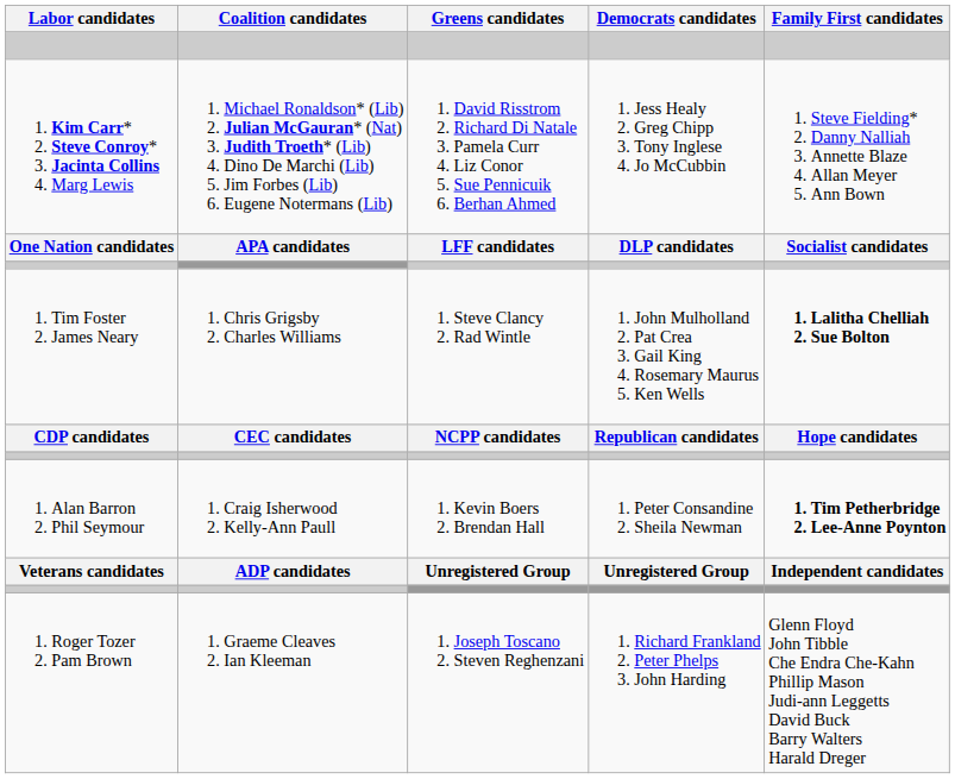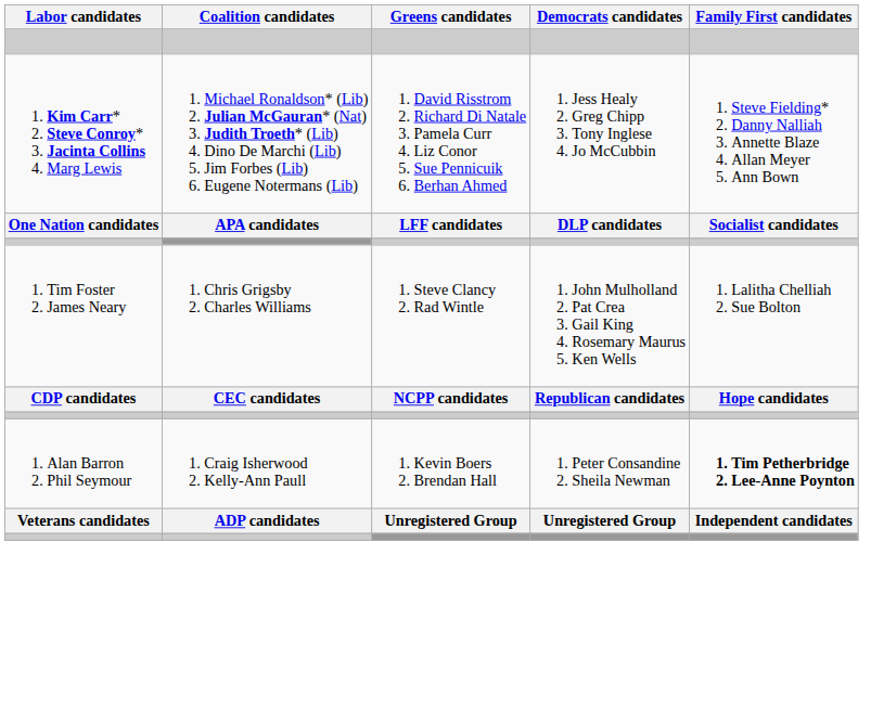 <table class="wikitable">
 <tr>
 <th><a href='#'>Labor</a> candidates</th>
 <th><a href='#'>Coalition</a> candidates</th>
 <th><a href='#'>Greens</a> candidates</th>
 <th><a href='#'>Democrats</a> candidates</th>
 <th><a href='#'>Family First</a> candidates</th>
 </tr>
 <tr style="background:#ccc;">
 <td></td>
 <td></td>
 <td></td>
 <td></td>
 <td> </td>
 </tr>
 <tr>
 <td><br><ol><li><strong><a href='#'>Kim Carr</a></strong>*</li><li><strong><a href='#'>Steve Conroy</a></strong>*</li><li><strong><a href='#'>Jacinta Collins</a></strong></li><li><a href='#'>Marg Lewis</a></li></ol></td>
 <td><br><ol><li><a href='#'>Michael Ronaldson</a>* (<a href='#'>Lib</a>)</li><li><strong><a href='#'>Julian McGauran</a></strong>* (<a href='#'>Nat</a>)</li><li><strong><a href='#'>Judith Troeth</a></strong>* (<a href='#'>Lib</a>)</li><li>Dino De Marchi (<a href='#'>Lib</a>)</li><li>Jim Forbes (<a href='#'>Lib</a>)</li><li>Eugene Notermans (<a href='#'>Lib</a>)</li></ol></td>
 <td valign=top><br><ol><li><a href='#'>David Risstrom</a></li><li><a href='#'>Richard Di Natale</a></li><li>Pamela Curr</li><li>Liz Conor</li><li><a href='#'>Sue Pennicuik</a></li><li><a href='#'>Berhan Ahmed</a></li></ol></td>
 <td valign=top><br><ol><li>Jess Healy</li><li>Greg Chipp</li><li>Tony Inglese</li><li>Jo McCubbin</li></ol></td>
 <td><br><ol><li><a href='#'>Steve Fielding</a>*</li><li><a href='#'>Danny Nalliah</a></li><li>Annette Blaze</li><li>Allan Meyer</li><li>Ann Bown</li></ol></td>
 </tr>
 <tr style="background:#ccc;">
 <th><a href='#'>One Nation</a> candidates</th>
 <th><a href='#'>APA</a> candidates</th>
 <th><a href='#'>LFF</a> candidates</th>
 <th><a href='#'>DLP</a> candidates</th>
 <th><a href='#'>Socialist</a> candidates</th>
 </tr>
 <tr style="background:#ccc;">
 <td></td>
 <td style="background:#999;"></td>
 <td></td>
 <td></td>
 <td></td>
 </tr>
 <tr>
 <td valign=top><br><ol><li>Tim Foster</li><li>James Neary</li></ol></td>
 <td valign=top><br><ol><li>Chris Grigsby</li><li>Charles Williams</li></ol></td>
 <td valign=top><br><ol><li>Steve Clancy</li><li>Rad Wintle</li></ol></td>
 <td valign=top><br><ol><li>John Mulholland</li><li>Pat Crea</li><li>Gail King</li><li>Rosemary Maurus</li><li>Ken Wells</li></ol></td>
-<td valign=top><strong><br><ol><li>Lalitha Chelliah</li><li>Sue Bolton</li></ol></strong></td>
+<td valign=top><br><ol><li>Lalitha Chelliah</li><li>Sue Bolton</li></ol></td>
 </tr>
 <tr style="background:#ccc;">
 <th><a href='#'>CDP</a> candidates</th>
 <th><a href='#'>CEC</a> candidates</th>
 <th><a href='#'>NCPP</a> candidates</th>
 <th><a href='#'>Republican</a> candidates</th>
 <th><a href='#'>Hope</a> candidates</th>
 </tr>
 <tr style="background:#ccc;">
 <td></td>
 <td></td>
 <td></td>
 <td></td>
 <td></td>
 </tr>
 <tr>
 <td valign=top><br><ol><li>Alan Barron</li><li>Phil Seymour</li></ol></td>
 <td valign=top><br><ol><li>Craig Isherwood</li><li>Kelly-Ann Paull</li></ol></td>
 <td valign=top><br><ol><li>Kevin Boers</li><li>Brendan Hall</li></ol></td>
 <td valign=top><br><ol><li>Peter Consandine</li><li>Sheila Newman</li></ol></td>
 <td valign=top><strong><br><ol><li>Tim Petherbridge</li><li>Lee-Anne Poynton</li></ol></strong></td>
 </tr>
 <tr style="background:#ccc;">
 <th>Veterans candidates</th>
 <th><a href='#'>ADP</a> candidates</th>
 <th>Unregistered Group</th>
 <th>Unregistered Group</th>
 <th>Independent candidates</th>
 </tr>
 <tr style="background:#ccc;">
 <td></td>
 <td></td>
 <td style="background:#999;"></td>
 <td style="background:#999;"></td>
 <td style="background:#999;"></td>
 </tr>
-<tr>
-<td valign=top><br><ol><li>Roger Tozer</li><li>Pam Brown</li></ol></td>
-<td valign=top><br><ol><li>Graeme Cleaves</li><li>Ian Kleeman</li></ol></td>
-<td valign=top><br><ol><li><a href='#'>Joseph Toscano</a></li><li>Steven Reghenzani</li></ol></td>
-<td valign=top><br><ol><li><a href='#'>Richard Frankland</a></li><li><a href='#'>Peter Phelps</a></li><li>John Harding</li></ol></td>
-<td valign=top><br>Glenn Floyd<br> John Tibble<br> Che Endra Che-Kahn<br> Phillip Mason<br> Judi-ann Leggetts<br> David Buck<br> Barry Walters<br> Harald Dreger<br></td>
-</tr>
 </table>
